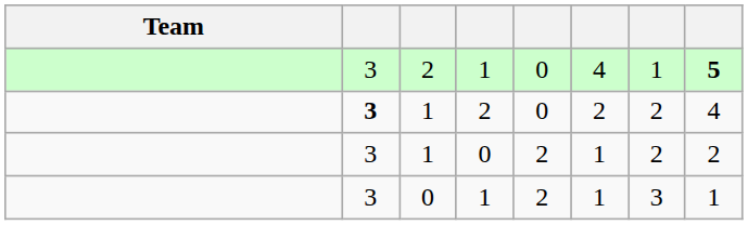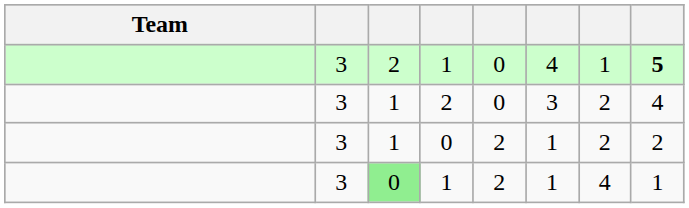 <table class="wikitable" style="text-align: center; font-size: 90%;">
 <tr>
 <th width=180>Team</th>
 <th width=25></th>
 <th width=25></th>
 <th width=25></th>
 <th width=25></th>
 <th width=25></th>
 <th width=25></th>
 <th width=25></th>
 </tr>
 <tr bgcolor=#ccffcc>
 <td align="left"></td>
 <td>3</td>
 <td>2</td>
 <td>1</td>
 <td>0</td>
 <td>4</td>
 <td>1</td>
 <td><strong>5</strong></td>
 </tr>
 <tr>
 <td align="left"></td>
-<td><strong>3</strong></td>
+<td>3</td>
 <td>1</td>
 <td>2</td>
 <td>0</td>
-<td>2</td>
+<td>3</td>
 <td>2</td>
 <td>4</td>
 </tr>
 <tr>
 <td align="left"></td>
 <td>3</td>
 <td>1</td>
 <td>0</td>
 <td>2</td>
 <td>1</td>
 <td>2</td>
 <td>2</td>
 </tr>
 <tr>
 <td align="left"></td>
 <td>3</td>
-<td>0</td>
+<td style="background: lightgreen;">0</td>
 <td>1</td>
 <td>2</td>
 <td>1</td>
-<td>3</td>
+<td>4</td>
 <td>1</td>
 </tr>
 </table>
